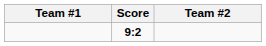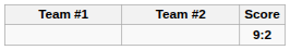 <table class="wikitable" style="text-align:center;">
 <tr>
 <th width=140>Team #1</th>
+<th width=140>Team #2</th>
 <th width=50>Score</th>
-<th width=140>Team #2</th>
 </tr>
 <tr>
 <td style="text-align:right;"></td>
+<td style="text-align:left;"></td>
 <td><strong>9:2</strong></td>
-<td style="text-align:left;"></td>
 </tr>
 </table>
